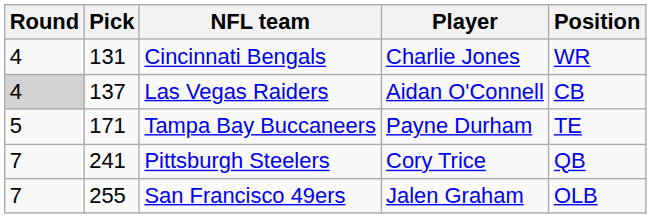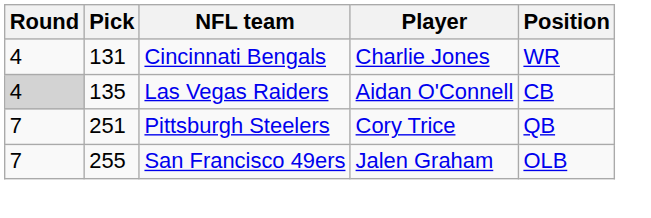 <table class="wikitable">
 <tr>
 <th style="text-align:center; ">Round</th>
 <th style="text-align:center; ">Pick</th>
 <th style="text-align:center; ">NFL team</th>
 <th style="text-align:center; ">Player</th>
 <th style="text-align:center; ">Position</th>
 </tr>
 <tr>
 <td>4</td>
 <td>131</td>
 <td><a href='#'>Cincinnati Bengals</a></td>
 <td><a href='#'>Charlie Jones</a></td>
 <td><a href='#'>WR</a></td>
 </tr>
 <tr>
 <td style="background: lightgrey;">4</td>
-<td>137</td>
+<td>135</td>
 <td><a href='#'>Las Vegas Raiders</a></td>
 <td><a href='#'>Aidan O'Connell</a></td>
 <td><a href='#'>CB</a></td>
 </tr>
 <tr>
-<td>5</td>
-<td>171</td>
-<td><a href='#'>Tampa Bay Buccaneers</a></td>
-<td><a href='#'>Payne Durham</a></td>
-<td><a href='#'>TE</a></td>
-</tr>
-<tr>
 <td>7</td>
-<td>241</td>
+<td>251</td>
 <td><a href='#'>Pittsburgh Steelers</a></td>
 <td><a href='#'>Cory Trice</a></td>
 <td><a href='#'>QB</a></td>
 </tr>
 <tr>
 <td>7</td>
 <td>255</td>
 <td><a href='#'>San Francisco 49ers</a></td>
 <td><a href='#'>Jalen Graham</a></td>
 <td><a href='#'>OLB</a></td>
 </tr>
 </table>
